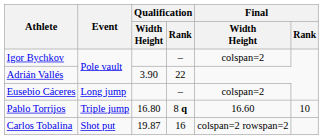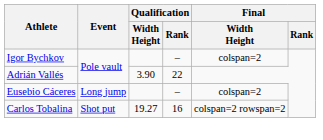 <table class=wikitable style="font-size:90%">
 <tr>
 <th rowspan="2">Athlete</th>
 <th rowspan="2">Event</th>
 <th colspan="2">Qualification</th>
 <th colspan="2">Final</th>
 </tr>
 <tr style="font-size:95%">
 <th>Width<br>Height</th>
 <th>Rank</th>
 <th>Width<br>Height</th>
 <th>Rank</th>
 </tr>
 <tr style=text-align:center>
 <td style=text-align:left><a href='#'>Igor Bychkov</a></td>
 <td style=text-align:left rowspan=2><a href='#'>Pole vault</a></td>
 <td></td>
 <td>–</td>
 <td>colspan=2 </td>
 </tr>
 <tr style=text-align:center>
 <td style=text-align:left><a href='#'>Adrián Vallés</a></td>
 <td>3.90</td>
 <td>22</td>
 </tr>
 <tr style=text-align:center>
 <td style=text-align:left><a href='#'>Eusebio Cáceres</a></td>
 <td style=text-align:left><a href='#'>Long jump</a></td>
 <td></td>
 <td>–</td>
 <td>colspan=2 </td>
 </tr>
 <tr style=text-align:center>
-<td style=text-align:left><a href='#'>Pablo Torrijos</a></td>
-<td style=text-align:left><a href='#'>Triple jump</a></td>
-<td>16.80</td>
-<td>8 <strong>q</strong></td>
-<td>16.60</td>
-<td>10</td>
-</tr>
-<tr style=text-align:center>
 <td style=text-align:left><a href='#'>Carlos Tobalina</a></td>
 <td style=text-align:left><a href='#'>Shot put</a></td>
-<td>19.87</td>
+<td>19.27</td>
 <td>16</td>
 <td>colspan=2 rowspan=2 </td>
 </tr>
 </table>
